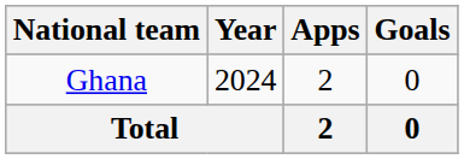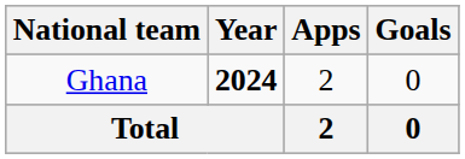 <table class=wikitable style=text-align:center>
 <tr>
 <th>National team</th>
 <th>Year</th>
 <th>Apps</th>
 <th>Goals</th>
 </tr>
 <tr>
 <td rowspan="1"><a href='#'>Ghana</a></td>
-<td>2024</td>
+<td><strong>2024</strong></td>
 <td>2</td>
 <td>0</td>
 </tr>
 <tr>
 <th colspan="2">Total</th>
 <th>2</th>
 <th>0</th>
 </tr>
 </table>
